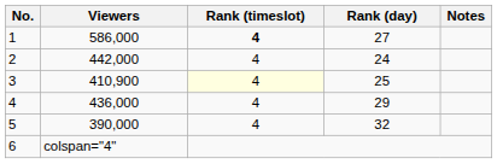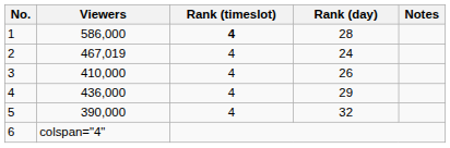 <table class="wikitable" width="45%">
 <tr>
 <th width="1%">No.</th>
 <th width="10%">Viewers</th>
 <th width="10%">Rank (timeslot)</th>
 <th width="10%">Rank (day)</th>
 <th width="1%">Notes</th>
 </tr>
 <tr>
 <td>1</td>
 <td style="text-align:center;">586,000</td>
 <td style="text-align:center;"><strong>4</strong></td>
-<td style="text-align:center;">27</td>
+<td style="text-align:center;">28</td>
 <td></td>
 </tr>
 <tr>
 <td>2</td>
-<td style="text-align:center;">442,000</td>
+<td style="text-align:center;">467,019</td>
 <td style="text-align:center;">4</td>
 <td style="text-align:center;">24</td>
 <td></td>
 </tr>
 <tr>
 <td>3</td>
-<td style="text-align:center;">410,900</td>
-<td style="background: lightyellow; text-align:center;">4</td>
-<td style="text-align:center;">25</td>
+<td style="text-align:center;">410,000</td>
+<td style="text-align:center;">4</td>
+<td style="text-align:center;">26</td>
 <td></td>
 </tr>
 <tr>
 <td>4</td>
 <td style="text-align:center;">436,000</td>
 <td style="text-align:center;">4</td>
 <td style="text-align:center;">29</td>
 <td></td>
 </tr>
 <tr>
 <td>5</td>
 <td style="text-align:center;">390,000</td>
 <td style="text-align:center;">4</td>
 <td style="text-align:center;">32</td>
 <td></td>
 </tr>
 <tr>
 <td>6</td>
 <td>colspan="4" </td>
 </tr>
 </table>
